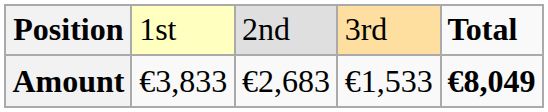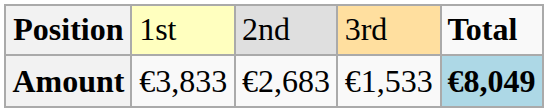 <table class="wikitable">
 <tr>
 <th>Position</th>
 <td bgcolor="#ffffbf">1st</td>
 <td bgcolor="#dfdfdf">2nd</td>
 <td bgcolor="#ffdf9f">3rd</td>
 <td><strong>Total</strong></td>
 </tr>
 <tr>
 <th>Amount</th>
 <td>€3,833</td>
 <td>€2,683</td>
 <td>€1,533</td>
-<td><strong>€8,049</strong></td>
+<td style="background: lightblue;"><strong>€8,049</strong></td>
 </tr>
 </table>
